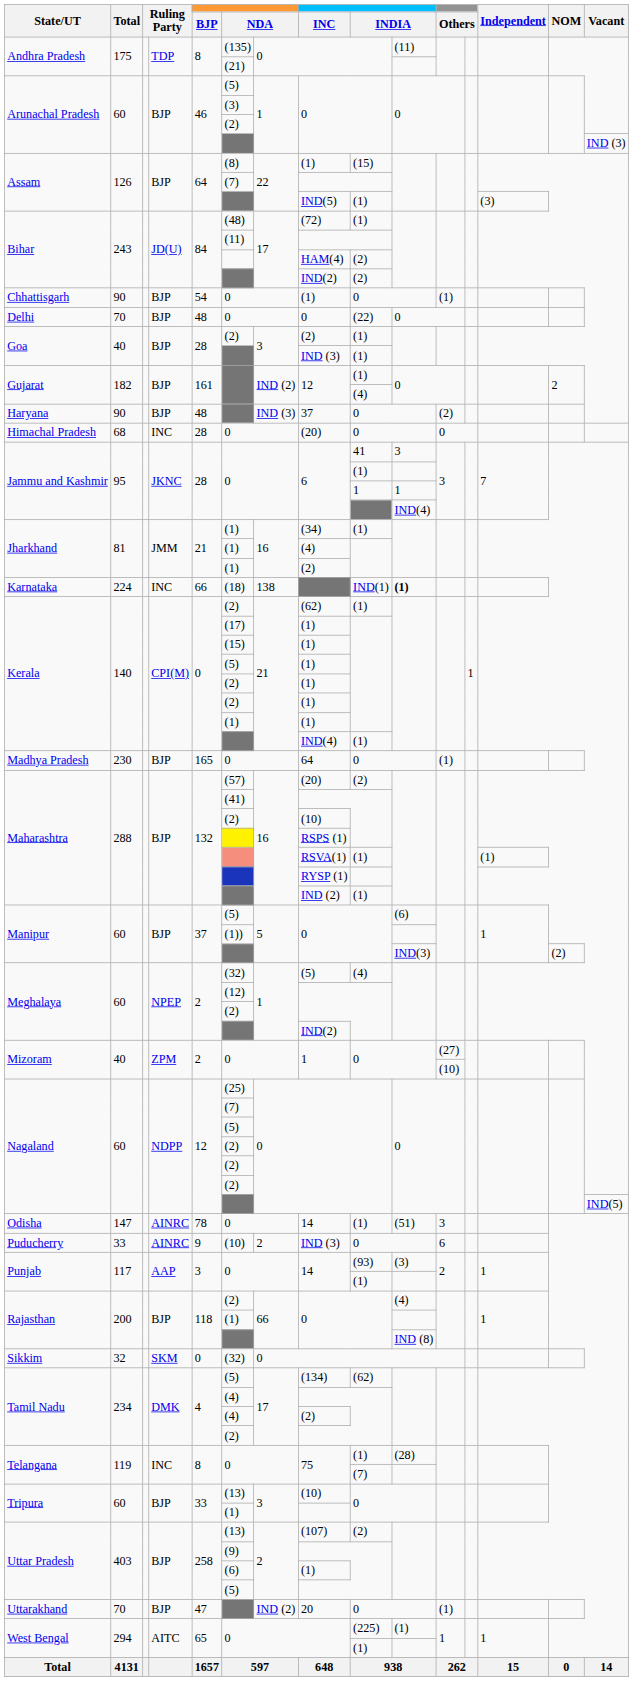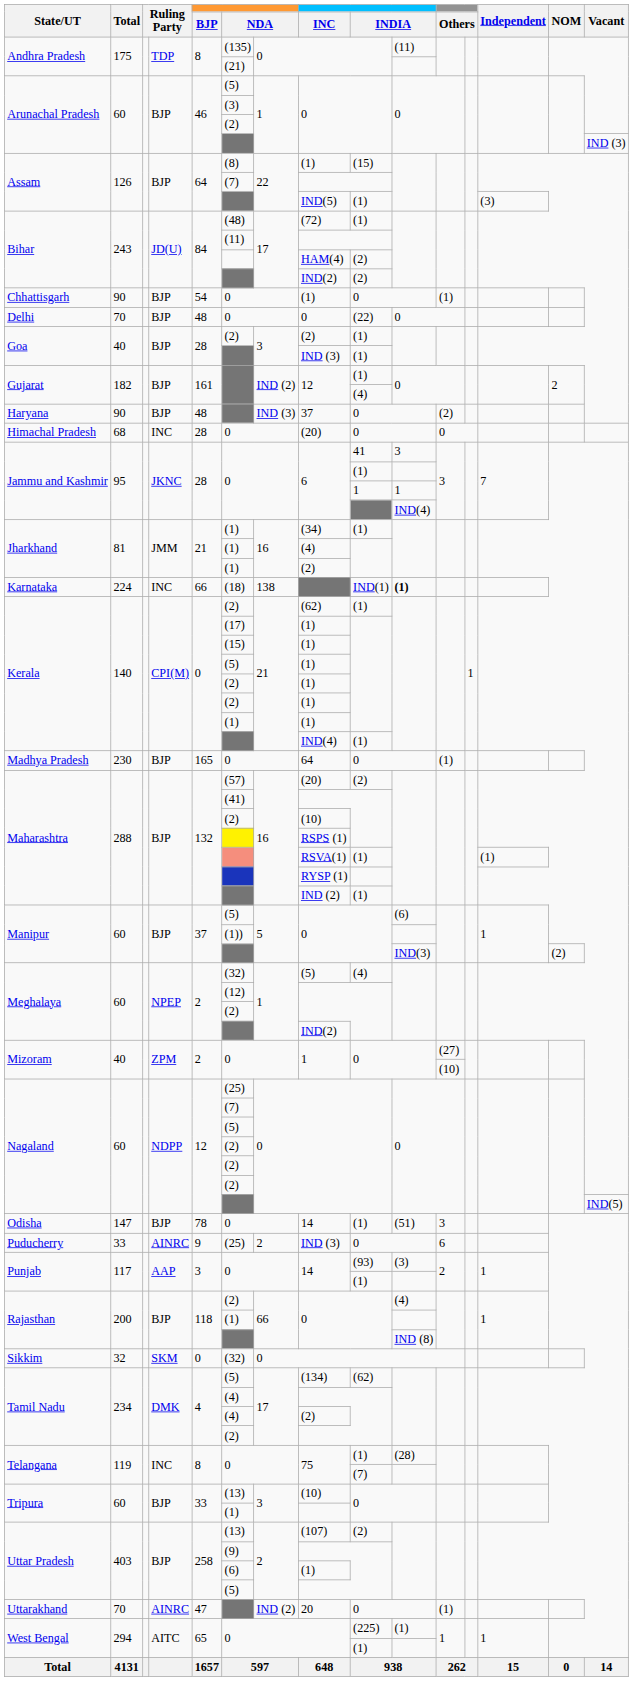 <table class="wikitable sortable">
 <tr>
 <th rowspan="2">State/UT</th>
 <th rowspan="2">Total</th>
 <th colspan="2" rowspan="2">Ruling<br>Party</th>
 <td Colspan=3 bgcolor=#FF9933></td>
 <td Colspan=3 bgcolor=#00BFFF></td>
 <td Colspan=2 bgcolor=#939393></td>
 <th rowspan="2"><a href='#'>Independent</a></th>
 <th rowspan="2">NOM</th>
 <th rowspan="2">Vacant</th>
 </tr>
 <tr>
 <th><a href='#'>BJP</a></th>
 <th Colspan=2><a href='#'>NDA</a></th>
 <th><a href='#'>INC</a></th>
 <th Colspan=2><a href='#'> INDIA</a></th>
 <th Colspan=2>Others</th>
 </tr>
 <tr>
 <td rowspan="2"><a href='#'>Andhra Pradesh</a></td>
 <td rowspan="2">175</td>
 <td rowspan="2"></td>
 <td rowspan="2"><a href='#'> TDP</a></td>
 <td rowspan="2">8</td>
 <td> (135)</td>
 <td Colspan=3 rowspan="2">0</td>
 <td> (11)</td>
 <td rowspan="2"></td>
 <td rowspan="2"></td>
 <td rowspan="2"></td>
 </tr>
 <tr>
 <td> (21)</td>
 </tr>
 <tr>
 <td rowspan="4"><a href='#'> Arunachal Pradesh</a></td>
 <td rowspan="4">60</td>
 <td rowspan="4"></td>
 <td rowspan="4">BJP</td>
 <td rowspan="4">46</td>
 <td> (5)</td>
 <td rowspan="4">1</td>
 <td colspan="2" rowspan="4">0</td>
 <td colspan="2" rowspan="4">0</td>
 <td rowspan="4"></td>
 <td rowspan="4"></td>
 <td rowspan="4"></td>
 </tr>
 <tr>
 <td> (3)</td>
 </tr>
 <tr>
 <td> (2)</td>
 </tr>
 <tr>
 <td bgcolor="#757575"></td>
 <td><a href='#'>IND</a> (3)</td>
 </tr>
 <tr>
 <td rowspan="3"><a href='#'> Assam</a></td>
 <td rowspan="3">126</td>
 <td rowspan="3"></td>
 <td rowspan="3">BJP</td>
 <td rowspan="3">64</td>
 <td> (8)</td>
 <td rowspan="3">22</td>
 <td> (1)</td>
 <td>(15)</td>
 <td rowspan="3"></td>
 <td rowspan="3"></td>
 <td rowspan="3"></td>
 </tr>
 <tr>
 <td> (7)</td>
 </tr>
 <tr>
 <td bgcolor="#757575"></td>
 <td><a href='#'>IND</a>(5)</td>
 <td> (1)</td>
 <td>(3)</td>
 </tr>
 <tr>
 <td rowspan="4"><a href='#'> Bihar</a></td>
 <td rowspan="4">243</td>
 <td rowspan="4"></td>
 <td rowspan="4"><a href='#'> JD(U)</a></td>
 <td rowspan="4">84</td>
 <td> (48)</td>
 <td rowspan="4">17</td>
 <td> (72)</td>
 <td> (1)</td>
 <td rowspan="4"></td>
 <td rowspan="4"></td>
 <td rowspan="4"></td>
 </tr>
 <tr>
 <td>(11)</td>
 </tr>
 <tr>
 <td></td>
 <td><a href='#'>HAM</a>(4)</td>
 <td> (2)</td>
 </tr>
 <tr>
 <td bgcolor="#757575"></td>
 <td><a href='#'>IND</a>(2)</td>
 <td> (2)</td>
 </tr>
 <tr>
 <td><a href='#'> Chhattisgarh</a></td>
 <td>90</td>
 <td></td>
 <td>BJP</td>
 <td>54</td>
 <td Colspan=2>0</td>
 <td> (1)</td>
 <td Colspan=2>0</td>
 <td> (1)</td>
 <td></td>
 <td></td>
 <td></td>
 </tr>
 <tr>
 <td><a href='#'> Delhi</a></td>
 <td>70</td>
 <td></td>
 <td>BJP</td>
 <td>48</td>
 <td Colspan=2>0</td>
 <td>0</td>
 <td>(22)</td>
 <td Colspan=2>0</td>
 <td></td>
 <td></td>
 <td></td>
 </tr>
 <tr>
 <td rowspan="2"><a href='#'>Goa</a></td>
 <td rowspan="2">40</td>
 <td rowspan="2"></td>
 <td rowspan="2">BJP</td>
 <td rowspan="2">28</td>
 <td> (2)</td>
 <td rowspan="2">3</td>
 <td> (2)</td>
 <td>(1)</td>
 <td rowspan="2"></td>
 <td rowspan="2"></td>
 <td rowspan="2"></td>
 </tr>
 <tr>
 <td bgcolor="#757575"></td>
 <td><a href='#'>IND</a> (3)</td>
 <td> (1)</td>
 </tr>
 <tr>
 <td rowspan="2"><a href='#'> Gujarat</a></td>
 <td rowspan="2">182</td>
 <td rowspan="2"></td>
 <td rowspan="2">BJP</td>
 <td rowspan="2">161</td>
 <td rowspan="2"  bgcolor="#757575"></td>
 <td rowspan="2"><a href='#'>IND</a> (2)</td>
 <td rowspan="2">12</td>
 <td> (1)</td>
 <td Colspan=2 rowspan="2">0</td>
 <td rowspan="2"></td>
 <td rowspan="2"></td>
 <td rowspan="2">2</td>
 </tr>
 <tr>
 <td> (4)</td>
 </tr>
 <tr>
 <td><a href='#'> Haryana</a></td>
 <td>90</td>
 <td></td>
 <td>BJP</td>
 <td>48</td>
 <td bgcolor="#757575"></td>
 <td><a href='#'>IND</a> (3)</td>
 <td>37</td>
 <td Colspan=2>0</td>
 <td> (2)</td>
 <td></td>
 <td></td>
 <td></td>
 </tr>
 <tr>
 <td><a href='#'>Himachal Pradesh</a></td>
 <td>68</td>
 <td></td>
 <td>INC</td>
 <td>28</td>
 <td Colspan=2>0</td>
 <td> (20)</td>
 <td Colspan=2>0</td>
 <td Colspan=2>0</td>
 <td></td>
 <td></td>
 <td></td>
 </tr>
 <tr>
 <td rowspan="4"><a href='#'>Jammu and Kashmir</a></td>
 <td rowspan="4">95</td>
 <td rowspan="4"></td>
 <td rowspan="4"><a href='#'>JKNC</a></td>
 <td rowspan="4">28</td>
 <td Colspan=2 rowspan="4">0</td>
 <td rowspan="4">6</td>
 <td> 41</td>
 <td> 3</td>
 <td rowspan="4">3</td>
 <td rowspan="4"></td>
 <td rowspan="4">7</td>
 </tr>
 <tr>
 <td> (1)</td>
 </tr>
 <tr>
 <td> 1</td>
 <td> 1</td>
 </tr>
 <tr>
 <td bgcolor="#757575"></td>
 <td><a href='#'>IND</a>(4)</td>
 </tr>
 <tr>
 <td Rowspan=3><a href='#'>Jharkhand</a></td>
 <td Rowspan=3>81</td>
 <td rowspan="3"></td>
 <td Rowspan=3>JMM</td>
 <td Rowspan=3>21</td>
 <td>(1)</td>
 <td Rowspan=3>16</td>
 <td> (34)</td>
 <td> (1)</td>
 <td rowspan="3"></td>
 <td rowspan="3"></td>
 <td rowspan="3"></td>
 </tr>
 <tr>
 <td> (1)</td>
 <td> (4)</td>
 </tr>
 <tr>
 <td> (1)</td>
 <td> (2)</td>
 </tr>
 <tr>
 <td><a href='#'>Karnataka</a></td>
 <td>224</td>
 <td></td>
 <td>INC</td>
 <td>66</td>
 <td> (18)</td>
 <td>138</td>
 <td bgcolor="#757575"></td>
 <td><a href='#'>IND</a>(1)</td>
 <td><strong> (1)</strong></td>
 <td></td>
 <td></td>
 <td></td>
 </tr>
 <tr>
 <td rowspan="8"><a href='#'>Kerala</a></td>
 <td rowspan="8">140</td>
 <td rowspan="8"></td>
 <td rowspan="8"><a href='#'> CPI(M)</a></td>
 <td rowspan="8">0</td>
 <td> (2)</td>
 <td rowspan="8">21</td>
 <td> (62)</td>
 <td>(1)</td>
 <td rowspan="8"></td>
 <td rowspan="8"></td>
 <td rowspan="8">1</td>
 </tr>
 <tr>
 <td> (17)</td>
 <td> (1)</td>
 </tr>
 <tr>
 <td> (15)</td>
 <td>(1)</td>
 </tr>
 <tr>
 <td> (5)</td>
 <td> (1)</td>
 </tr>
 <tr>
 <td> (2)</td>
 <td> (1)</td>
 </tr>
 <tr>
 <td> (2)</td>
 <td> (1)</td>
 </tr>
 <tr>
 <td>  (1)</td>
 <td> (1)</td>
 </tr>
 <tr>
 <td bgcolor="#757575"></td>
 <td><a href='#'>IND</a>(4)</td>
 <td> (1)</td>
 </tr>
 <tr>
 <td><a href='#'> Madhya Pradesh</a></td>
 <td>230</td>
 <td></td>
 <td>BJP</td>
 <td>165</td>
 <td Colspan=2>0</td>
 <td>64</td>
 <td Colspan=2>0</td>
 <td>(1)</td>
 <td></td>
 <td></td>
 <td></td>
 </tr>
 <tr>
 <td rowspan="7"><a href='#'>Maharashtra</a></td>
 <td rowspan="7">288</td>
 <td rowspan="7"></td>
 <td rowspan="7">BJP</td>
 <td rowspan="7">132</td>
 <td> (57)</td>
 <td Rowspan="7">16</td>
 <td> (20)</td>
 <td> (2)</td>
 <td rowspan="7"></td>
 <td rowspan="7"></td>
 <td rowspan="7"></td>
 </tr>
 <tr>
 <td> (41)</td>
 </tr>
 <tr>
 <td> (2)</td>
 <td> (10)</td>
 </tr>
 <tr>
 <td bgcolor="#FFF200"></td>
 <td><a href='#'>RSPS</a> (1)</td>
 </tr>
 <tr>
 <td bgcolor="#F58E7D"></td>
 <td><a href='#'>RSVA</a>(1)</td>
 <td> (1)</td>
 <td>(1)</td>
 </tr>
 <tr>
 <td bgcolor="#1A34BB"></td>
 <td><a href='#'>RYSP</a> (1)</td>
 </tr>
 <tr>
 <td bgcolor="#757575"></td>
 <td><a href='#'>IND</a> (2)</td>
 <td> (1)</td>
 </tr>
 <tr>
 <td rowspan="3"><a href='#'>Manipur</a></td>
 <td rowspan="3">60</td>
 <td rowspan="3"></td>
 <td rowspan="3">BJP</td>
 <td rowspan="3">37</td>
 <td> (5)</td>
 <td rowspan="3">5</td>
 <td Colspan=2 rowspan=3>0</td>
 <td>  (6)</td>
 <td rowspan="3"></td>
 <td rowspan="3"></td>
 <td rowspan="3">1</td>
 </tr>
 <tr>
 <td> (1))</td>
 </tr>
 <tr>
 <td bgcolor="#757575"></td>
 <td><a href='#'>IND</a>(3)</td>
 <td> (2)</td>
 </tr>
 <tr>
 <td rowspan="4"><a href='#'> Meghalaya</a></td>
 <td rowspan="4">60</td>
 <td rowspan="4"></td>
 <td rowspan="4"><a href='#'> NPEP</a></td>
 <td rowspan="4">2</td>
 <td>(32)</td>
 <td rowspan="4">1</td>
 <td> (5)</td>
 <td> (4)</td>
 <td rowspan="4"></td>
 <td rowspan="4"></td>
 <td rowspan="4"></td>
 </tr>
 <tr>
 <td> (12)</td>
 </tr>
 <tr>
 <td> (2)</td>
 </tr>
 <tr>
 <td bgcolor="#757575"></td>
 <td><a href='#'>IND</a>(2)</td>
 </tr>
 <tr>
 <td rowspan="2"><a href='#'>Mizoram</a></td>
 <td rowspan="2">40</td>
 <td rowspan="2"></td>
 <td rowspan="2"><a href='#'> ZPM</a></td>
 <td rowspan="2">2</td>
 <td Colspan=2 rowspan="2">0</td>
 <td rowspan="2">1</td>
 <td Colspan=2 rowspan="2">0</td>
 <td> (27)</td>
 <td rowspan="2"></td>
 <td rowspan="2"></td>
 <td rowspan="2"></td>
 </tr>
 <tr>
 <td> (10)</td>
 </tr>
 <tr>
 <td rowspan="7"><a href='#'>Nagaland</a></td>
 <td rowspan="7">60</td>
 <td rowspan="7"></td>
 <td rowspan="7"><a href='#'>NDPP</a></td>
 <td rowspan="7">12</td>
 <td> (25)</td>
 <td colspan="3" rowspan="7">0</td>
 <td colspan="2" rowspan="7">0</td>
 <td rowspan="7"></td>
 <td rowspan="7"></td>
 <td rowspan="7"></td>
 </tr>
 <tr>
 <td> (7)</td>
 </tr>
 <tr>
 <td> (5)</td>
 </tr>
 <tr>
 <td> (2)</td>
 </tr>
 <tr>
 <td> (2)</td>
 </tr>
 <tr>
 <td> (2)</td>
 </tr>
 <tr>
 <td bgcolor="#757575"></td>
 <td><a href='#'>IND</a>(5)</td>
 </tr>
 <tr>
 <td><a href='#'> Odisha</a></td>
 <td>147</td>
 <td></td>
-<td><a href='#'>AINRC</a></td>
+<td>BJP</td>
 <td>78</td>
 <td Colspan=2>0</td>
 <td>14</td>
 <td> (1)</td>
 <td> (51)</td>
 <td>3</td>
 <td></td>
 <td></td>
 </tr>
 <tr>
 <td><a href='#'>Puducherry</a></td>
 <td>33</td>
 <td></td>
 <td><a href='#'>AINRC</a></td>
 <td>9</td>
-<td> (10)</td>
+<td> (25)</td>
 <td>2</td>
 <td><a href='#'>IND</a> (3)</td>
 <td colspan="2">0</td>
 <td>6</td>
 <td></td>
 <td></td>
 </tr>
 <tr>
 <td Rowspan=2><a href='#'> Punjab</a></td>
 <td Rowspan=2>117</td>
 <td rowspan="2"></td>
 <td rowspan="2"><a href='#'> AAP</a></td>
 <td Rowspan=2>3</td>
 <td Colspan=2 rowspan="2">0</td>
 <td Rowspan=2>14</td>
 <td> (93)</td>
 <td> (3)</td>
 <td rowspan="2">2</td>
 <td rowspan="2"></td>
 <td rowspan="2">1</td>
 </tr>
 <tr>
 <td> (1)</td>
 </tr>
 <tr>
 <td rowspan="3"><a href='#'> Rajasthan</a></td>
 <td rowspan="3">200</td>
 <td rowspan="3"></td>
 <td rowspan="3">BJP</td>
 <td rowspan="3">118</td>
 <td>  (2)</td>
 <td rowspan="3">66</td>
 <td colspan="2"rowspan="3">0</td>
 <td> (4)</td>
 <td rowspan="3"></td>
 <td rowspan="3"></td>
 <td rowspan="3">1</td>
 </tr>
 <tr>
 <td> (1)</td>
 </tr>
 <tr>
 <td bgcolor="#757575"></td>
 <td><a href='#'>IND</a> (8)</td>
 </tr>
 <tr>
 <td><a href='#'> Sikkim</a></td>
 <td>32</td>
 <td></td>
 <td><a href='#'>SKM</a></td>
 <td>0</td>
 <td>(32)</td>
 <td colspan="5">0</td>
 <td></td>
 <td></td>
 <td></td>
 </tr>
 <tr>
 <td rowspan="4"><a href='#'> Tamil Nadu</a></td>
 <td rowspan="4">234</td>
 <td rowspan="4"></td>
 <td rowspan="4"><a href='#'>DMK</a></td>
 <td rowspan="4">4</td>
 <td>(5)</td>
 <td rowspan="4">17</td>
 <td> (134)</td>
 <td>(62)</td>
 <td rowspan="4"></td>
 <td rowspan="4"></td>
 <td rowspan="4"></td>
 </tr>
 <tr>
 <td>(4)</td>
 </tr>
 <tr>
 <td>(4)</td>
 <td> (2)</td>
 </tr>
 <tr>
 <td> (2)</td>
 </tr>
 <tr>
 <td rowspan="2"><a href='#'>Telangana</a></td>
 <td rowspan="2">119</td>
 <td rowspan="2"></td>
 <td rowspan="2">INC</td>
 <td rowspan="2">8</td>
 <td Colspan=2  rowspan="2">0</td>
 <td rowspan="2">75</td>
 <td> (1)</td>
 <td> (28)</td>
 <td rowspan="2"></td>
 <td rowspan="2"></td>
 <td rowspan="2"></td>
 </tr>
 <tr>
 <td> (7)</td>
 </tr>
 <tr>
 <td rowspan="2"><a href='#'>Tripura</a></td>
 <td rowspan="2">60</td>
 <td rowspan="2"></td>
 <td rowspan="2">BJP</td>
 <td rowspan="2">33</td>
 <td> (13)</td>
 <td rowspan="2">3</td>
 <td> (10)</td>
 <td Colspan=2 rowspan="2">0</td>
 <td rowspan="2"></td>
 <td rowspan="2"></td>
 <td rowspan="2"></td>
 </tr>
 <tr>
 <td> (1)</td>
 </tr>
 <tr>
 <td Rowspan="4"><a href='#'> Uttar Pradesh</a></td>
 <td Rowspan="4">403</td>
 <td rowspan="4"></td>
 <td rowspan="4">BJP</td>
 <td Rowspan="4">258</td>
 <td> (13)</td>
 <td Rowspan="4">2</td>
 <td> (107)</td>
 <td> (2)</td>
 <td rowspan="4"></td>
 <td rowspan="4"></td>
 <td rowspan="4"></td>
 </tr>
 <tr>
 <td> (9)</td>
 </tr>
 <tr>
 <td> (6)</td>
 <td> (1)</td>
 </tr>
 <tr>
 <td> (5)</td>
 </tr>
 <tr>
 <td><a href='#'> Uttarakhand</a></td>
 <td>70</td>
 <td></td>
-<td>BJP</td>
+<td><a href='#'>AINRC</a></td>
 <td>47</td>
 <td bgcolor="#757575"></td>
 <td><a href='#'>IND</a> (2)</td>
 <td>20</td>
 <td Colspan=2>0</td>
 <td>(1)</td>
 <td></td>
 <td></td>
 <td></td>
 </tr>
 <tr>
 <td rowspan="2"><a href='#'> West Bengal</a></td>
 <td rowspan="2">294</td>
 <td rowspan="2"></td>
 <td rowspan="2">AITC</td>
 <td rowspan="2">65</td>
 <td colspan="3"   rowspan="2">0</td>
 <td>(225)</td>
 <td>(1)</td>
 <td rowspan="2">1</td>
 <td rowspan="2"></td>
 <td rowspan="2">1</td>
 </tr>
 <tr>
 <td> (1)</td>
 </tr>
 <tr>
 <th>Total</th>
 <th>4131</th>
 <th></th>
 <th></th>
 <th>1657</th>
 <th colspan="2">597</th>
 <th>648</th>
 <th colspan="2">938</th>
 <th colspan="2">262</th>
 <th>15</th>
 <th>0</th>
 <th>14</th>
 </tr>
 </table>
